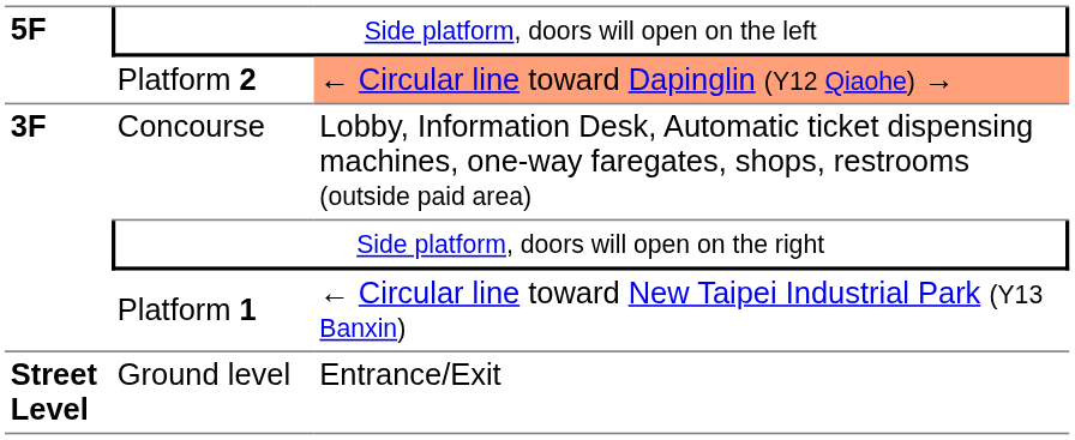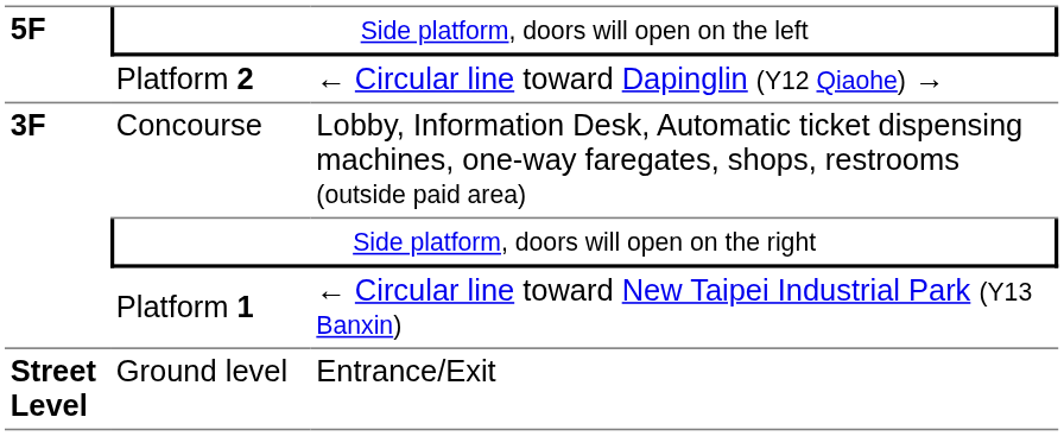 <table table border=0 cellspacing=0 cellpadding=3>
 <tr>
 <td style="border-bottom:solid 1px gray;" valign=top></td>
 <td style="border-bottom:solid 1px gray;"></td>
 <td style="border-bottom:solid 1px gray;"></td>
 </tr>
 <tr>
 <td style="border-bottom:solid 1px gray;" rowspan=2 valign=top><strong>5F</strong></td>
 <td style="border-right:solid 2px black;border-left:solid 2px black;border-bottom:solid 2px black;border-top:solid 0px gray;text-align:center;" colspan=2><small><a href='#'>Side platform</a>, doors will open on the left</small></td>
 </tr>
 <tr>
 <td style="border-bottom:solid 1px gray;" width=100>Platform <span><strong>2</strong></span></td>
-<td style="background: lightsalmon; border-bottom:solid 1px gray;" width=390><span>←</span> <a href='#'>Circular line</a> toward <a href='#'>Dapinglin</a> <small>(Y12 <a href='#'>Qiaohe</a>)</small> →</td>
+<td style="border-bottom:solid 1px gray;" width=390><span>←</span> <a href='#'>Circular line</a> toward <a href='#'>Dapinglin</a> <small>(Y12 <a href='#'>Qiaohe</a>)</small> →</td>
 </tr>
 <tr>
 <td style="border-bottom:solid 1px gray;" rowspan=3 valign=top><strong>3F</strong></td>
 <td style="border-top:solid 0px gray;border-bottom:solid 1px gray;" width=100 valign=top>Concourse</td>
 <td style="border-top:solid 0px gray;border-bottom:solid 1px gray;" width=390 valign=top>Lobby, Information Desk, Automatic ticket dispensing machines, one-way faregates, shops, restrooms<small> (outside paid area)</small></td>
 </tr>
 <tr>
 <td style="border-right:solid 2px black;border-left:solid 2px black;border-bottom:solid 2px black;border-top:solid 0px gray;text-align:center;" colspan=2><small><a href='#'>Side platform</a>, doors will open on the right</small></td>
 </tr>
 <tr>
 <td style="border-bottom:solid 1px gray;" width=100>Platform <span><strong>1</strong></span></td>
 <td style="border-bottom:solid 1px gray;" width=390><span></span>←  <a href='#'>Circular line</a> toward <a href='#'>New Taipei Industrial Park</a> <small>(Y13 <a href='#'>Banxin</a>)</small></td>
 </tr>
 <tr>
 <td style="border-bottom:solid 1px gray;" width=50 rowspan=10 valign=top><strong>Street Level</strong></td>
 </tr>
 <tr>
 <td style="border-bottom:solid 1px gray;" rowspan=2 valign=top>Ground level</td>
 <td style="border-bottom:solid 1px gray;" rowspan=50 valign=top>Entrance/Exit</td>
 </tr>
 </table>
